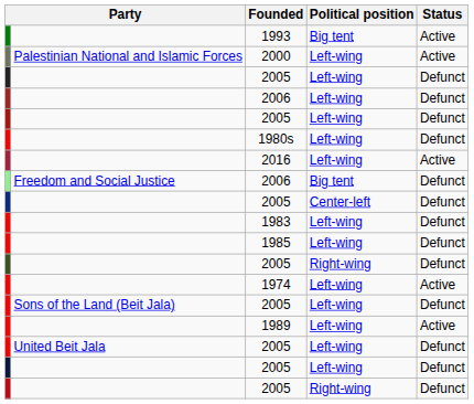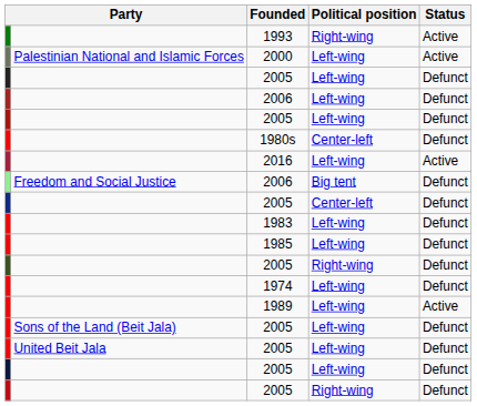 <table class="wikitable sortable">
 <tr>
 <th colspan="2">Party</th>
 <th>Founded</th>
 <th>Political position</th>
 <th>Status</th>
 </tr>
 <tr>
 <td style="background-color:Green"></td>
 <td></td>
 <td align="center">1993</td>
-<td><a href='#'>Big tent</a></td>
+<td><a href='#'>Right-wing</a></td>
 <td>Active</td>
 </tr>
 <tr>
 <td style="background-color:#6C765F"></td>
 <td><a href='#'>Palestinian National and Islamic Forces</a></td>
 <td align="center">2000</td>
 <td><a href='#'>Left-wing</a></td>
 <td>Active</td>
 </tr>
 <tr>
 <td style="background-color:#232323"></td>
 <td></td>
 <td align="center">2005</td>
 <td><a href='#'>Left-wing</a></td>
 <td>Defunct</td>
 </tr>
 <tr>
 <td style="background-color:#A6241F"></td>
 <td></td>
 <td align="center">2006</td>
 <td><a href='#'>Left-wing</a></td>
 <td>Defunct</td>
 </tr>
 <tr>
 <td style="background-color:#AD120B"></td>
 <td></td>
 <td align="center">2005</td>
 <td><a href='#'>Left-wing</a></td>
 <td>Defunct</td>
 </tr>
 <tr>
 <td style="background-color:Red"></td>
 <td></td>
 <td align="center">1980s</td>
-<td><a href='#'>Left-wing</a></td>
+<td><a href='#'>Center-left</a></td>
 <td>Defunct</td>
 </tr>
 <tr>
 <td style="background-color:#A91E3D"></td>
 <td></td>
 <td align="center">2016</td>
 <td><a href='#'>Left-wing</a></td>
 <td>Active</td>
 </tr>
 <tr>
 <td style="background-color:Lightgreen"></td>
 <td><a href='#'>Freedom and Social Justice</a></td>
 <td align="center">2006</td>
 <td><a href='#'>Big tent</a></td>
 <td>Defunct</td>
 </tr>
 <tr>
 <td style="background-color:#0C2B85"></td>
 <td></td>
 <td align="center">2005</td>
 <td><a href='#'>Center-left</a></td>
 <td>Defunct</td>
 </tr>
 <tr>
 <td style="background-color:Red"></td>
 <td></td>
 <td align="center">1983</td>
 <td><a href='#'>Left-wing</a></td>
 <td>Defunct</td>
 </tr>
 <tr>
 <td style="background-color:Red"></td>
 <td></td>
 <td align="center">1985</td>
 <td><a href='#'>Left-wing</a></td>
 <td>Defunct</td>
 </tr>
 <tr>
 <td style="background-color:#3B541F"></td>
 <td></td>
 <td align="center">2005</td>
 <td><a href='#'>Right-wing</a></td>
 <td>Defunct</td>
 </tr>
 <tr>
 <td style="background-color:Red"></td>
 <td></td>
 <td align="center">1974</td>
 <td><a href='#'>Left-wing</a></td>
+<td>Defunct</td>
+</tr>
+<tr>
+<td style="background-color: Red"></td>
+<td></td>
+<td align="center">1989</td>
+<td><a href='#'>Left-wing</a></td>
 <td>Active</td>
 </tr>
 <tr>
 <td style="background-color:Red"></td>
 <td><a href='#'>Sons of the Land (Beit Jala)</a></td>
 <td align="center">2005</td>
 <td><a href='#'>Left-wing</a></td>
 <td>Defunct</td>
-</tr>
-<tr>
-<td style="background-color: Red"></td>
-<td></td>
-<td align="center">1989</td>
-<td><a href='#'>Left-wing</a></td>
-<td>Active</td>
 </tr>
 <tr>
 <td style="background-color:Red"></td>
 <td><a href='#'>United Beit Jala</a></td>
 <td align="center">2005</td>
 <td><a href='#'>Left-wing</a></td>
 <td>Defunct</td>
 </tr>
 <tr>
 <td style="background-color:#071941"></td>
 <td></td>
 <td align="center">2005</td>
 <td><a href='#'>Left-wing</a></td>
 <td>Defunct</td>
 </tr>
 <tr>
 <td style="background-color:#C60711"></td>
 <td></td>
 <td align="center">2005</td>
 <td><a href='#'>Right-wing</a></td>
 <td>Defunct</td>
 </tr>
 </table>
